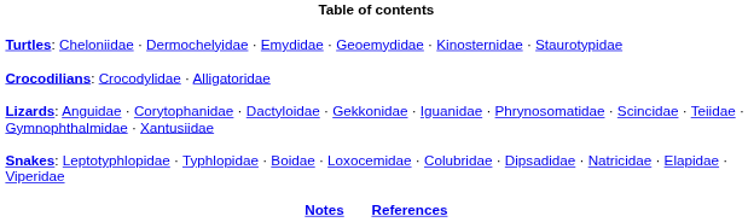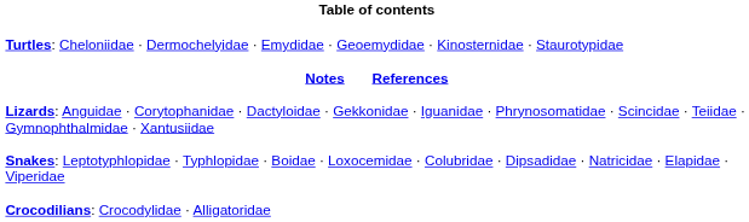 <table class="toccolours" style="margin:0 auto; width:55em; clear:both;">
 <tr>
 <th>Table of contents</th>
 </tr>
 <tr>
 <td style="padding:0 2% 0 2%; text-align:left;"><br><strong><a href='#'>Turtles</a></strong>: <a href='#'>Cheloniidae</a> ·  <a href='#'>Dermochelyidae</a> ·  <a href='#'>Emydidae</a> ·  <a href='#'>Geoemydidae</a> ·  <a href='#'>Kinosternidae</a> ·  <a href='#'>Staurotypidae</a></td>
 </tr>
 <tr>
-<td style="padding:0 2% 0 2%; text-align:left;"><br><strong><a href='#'>Crocodilians</a></strong>: <a href='#'>Crocodylidae</a> ·  <a href='#'>Alligatoridae</a></td>
+<td style="padding:0 2% 0 2%; text-align:center;"><br><strong><a href='#'>Notes</a></strong>       <strong><a href='#'>References</a></strong></td>
 </tr>
 <tr>
 <td style="padding:0 2% 0 2%; text-align:left;"><br><strong><a href='#'>Lizards</a></strong>: <a href='#'>Anguidae</a> ·  <a href='#'>Corytophanidae</a> ·  <a href='#'>Dactyloidae</a> ·  <a href='#'>Gekkonidae</a> ·  <a href='#'>Iguanidae</a> ·  <a href='#'>Phrynosomatidae</a> ·  <a href='#'>Scincidae</a> ·  <a href='#'>Teiidae</a> ·  <a href='#'>Gymnophthalmidae</a> ·  <a href='#'>Xantusiidae</a></td>
 </tr>
 <tr>
 <td style="padding:0 2% 0 2%; text-align:left;"><br><strong><a href='#'>Snakes</a></strong>: <a href='#'>Leptotyphlopidae</a> ·  <a href='#'>Typhlopidae</a> ·  <a href='#'>Boidae</a> ·  <a href='#'>Loxocemidae</a> ·  <a href='#'>Colubridae</a> ·  <a href='#'>Dipsadidae</a> · <a href='#'>Natricidae</a> ·  <a href='#'>Elapidae</a> ·  <a href='#'>Viperidae</a></td>
 </tr>
 <tr>
-<td style="padding:0 2% 0 2%; text-align:center;"><br><strong><a href='#'>Notes</a></strong>       <strong><a href='#'>References</a></strong></td>
+<td style="padding:0 2% 0 2%; text-align:left;"><br><strong><a href='#'>Crocodilians</a></strong>: <a href='#'>Crocodylidae</a> ·  <a href='#'>Alligatoridae</a></td>
 </tr>
 </table>
